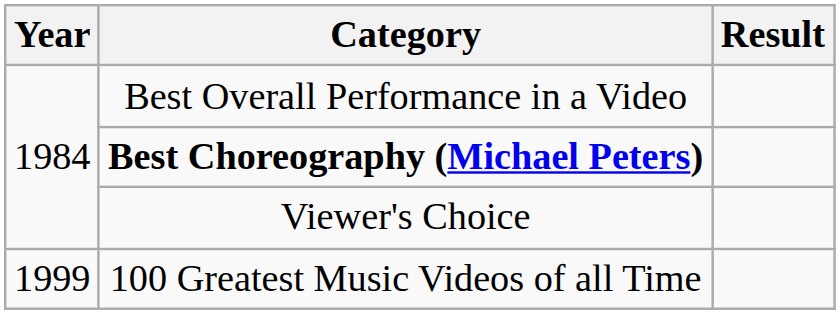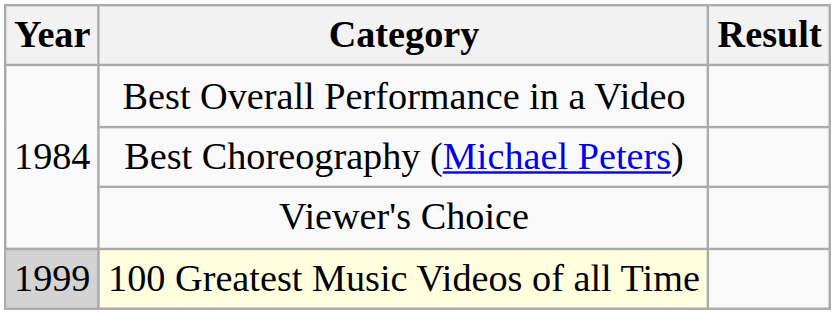 <table class="wikitable" align="center" colspan="5" |>
 <tr>
 <th>Year</th>
 <th>Category</th>
 <th>Result</th>
 </tr>
 <tr align="center">
 <td rowspan=3>1984</td>
 <td>Best Overall Performance in a Video</td>
 <td></td>
 </tr>
 <tr align="center">
-<td><strong>Best Choreography (<a href='#'>Michael Peters</a>)</strong></td>
+<td>Best Choreography (<a href='#'>Michael Peters</a>)</td>
 <td></td>
 </tr>
 <tr align="center">
 <td>Viewer's Choice</td>
 <td></td>
 </tr>
 <tr align="center">
-<td>1999</td>
-<td>100 Greatest Music Videos of all Time</td>
+<td style="background: lightgrey;">1999</td>
+<td style="background: lightyellow;">100 Greatest Music Videos of all Time</td>
 <td></td>
 </tr>
 </table>
